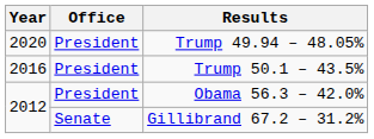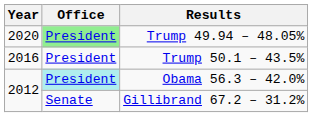 <table class=wikitable>
 <tr>
 <th width="30">Year</th>
 <th width="60">Office</th>
 <th width="180">Results</th>
 </tr>
 <tr>
 <td>2020</td>
-<td><a href='#'>President</a></td>
+<td style="background: lightgreen;"><a href='#'>President</a></td>
 <td align="right" ><a href='#'>Trump</a> 49.94 – 48.05%</td>
 </tr>
 <tr>
 <td>2016</td>
 <td><a href='#'>President</a></td>
 <td align="right" ><a href='#'>Trump</a> 50.1 – 43.5%</td>
 </tr>
 <tr>
 <td rowspan="2">2012</td>
-<td><a href='#'>President</a></td>
+<td style="background: paleturquoise;"><a href='#'>President</a></td>
 <td align="right" ><a href='#'>Obama</a> 56.3 – 42.0%</td>
 </tr>
 <tr>
 <td><a href='#'>Senate</a></td>
 <td align="right" ><a href='#'>Gillibrand</a> 67.2 – 31.2%</td>
 </tr>
 </table>
